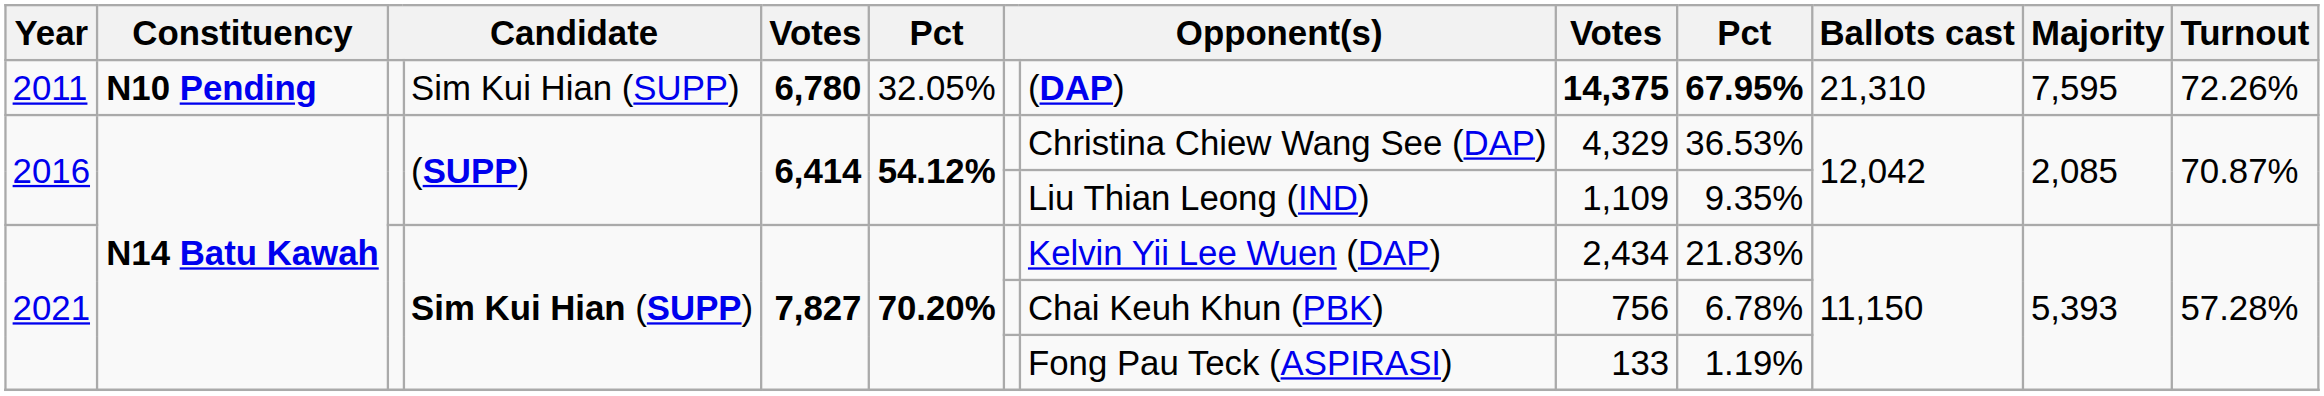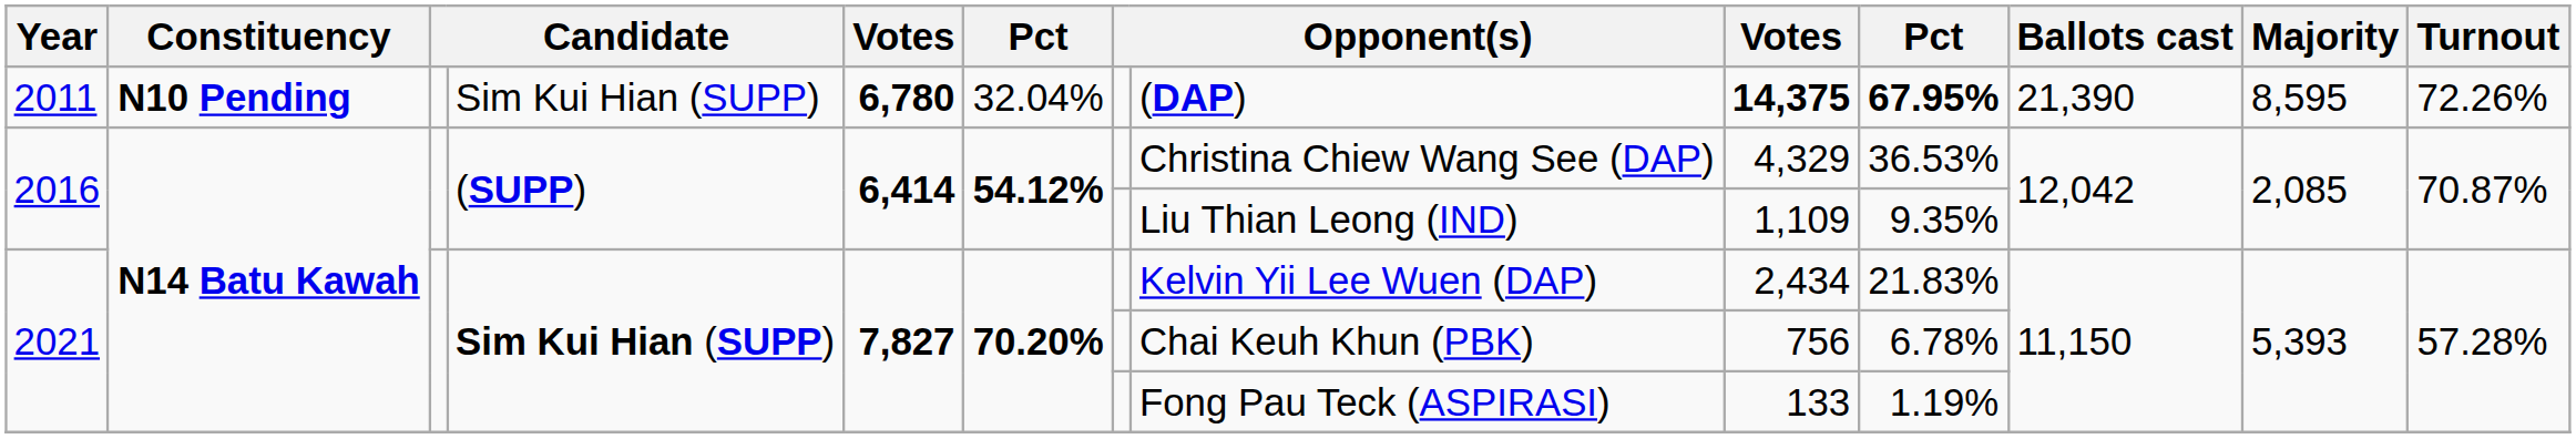 <table class="wikitable" style="margin:0.5em ; font-size:95%">
 <tr>
 <th>Year</th>
 <th>Constituency</th>
 <th colspan=2>Candidate</th>
 <th>Votes</th>
 <th>Pct</th>
 <th colspan=2>Opponent(s)</th>
 <th>Votes</th>
 <th>Pct</th>
 <th>Ballots cast</th>
 <th>Majority</th>
 <th>Turnout</th>
 </tr>
 <tr>
 <td><a href='#'>2011</a></td>
 <td><strong>N10 <a href='#'>Pending</a></strong></td>
 <td></td>
 <td>Sim Kui Hian (<a href='#'>SUPP</a>)</td>
 <td style="text-align:right;"><strong>6,780</strong></td>
-<td style="text-align:right;">32.05%</td>
+<td style="text-align:right;">32.04%</td>
 <td></td>
 <td> (<a href='#'><strong>DAP</strong></a>)</td>
 <td style="text-align:right;"><strong>14,375</strong></td>
 <td style="text-align:right;"><strong>67.95%</strong></td>
-<td>21,310</td>
-<td>7,595</td>
+<td>21,390</td>
+<td>8,595</td>
 <td>72.26%</td>
 </tr>
 <tr>
 <td rowspan=2><a href='#'>2016</a></td>
 <td rowspan=5><strong>N14 <a href='#'>Batu Kawah</a></strong></td>
 <td rowspan=2 ></td>
 <td rowspan=2> (<a href='#'><strong>SUPP</strong></a>)</td>
 <td rowspan="2" style="text-align:right;"><strong>6,414</strong></td>
 <td rowspan=2 style="text-align:right;"><strong>54.12%</strong></td>
 <td></td>
 <td>Christina Chiew Wang See (<a href='#'>DAP</a>)</td>
 <td style="text-align:right;">4,329</td>
 <td style="text-align:right;">36.53%</td>
 <td rowspan=2>12,042</td>
 <td rowspan=2>2,085</td>
 <td rowspan=2>70.87%</td>
 </tr>
 <tr>
 <td></td>
 <td>Liu Thian Leong (<a href='#'>IND</a>)</td>
 <td style="text-align:right;">1,109</td>
 <td style="text-align:right;">9.35%</td>
 </tr>
 <tr>
 <td rowspan="3"><a href='#'>2021</a></td>
 <td rowspan="3" style="background:"></td>
 <td rowspan="3"><strong>Sim Kui Hian</strong> (<a href='#'><strong>SUPP</strong></a>)</td>
 <td rowspan="3" style="text-align:right;"><strong>7,827</strong></td>
 <td rowspan="3" style="text-align:right;"><strong>70.20%</strong></td>
 <td></td>
 <td><a href='#'>Kelvin Yii Lee Wuen</a> (<a href='#'>DAP</a>)</td>
 <td style="text-align:right;">2,434</td>
 <td style="text-align:right;">21.83%</td>
 <td rowspan="3">11,150</td>
 <td rowspan="3">5,393</td>
 <td rowspan="3">57.28%</td>
 </tr>
 <tr>
 <td style="background:"></td>
 <td>Chai Keuh Khun (<a href='#'>PBK</a>)</td>
 <td style="text-align:right;">756</td>
 <td style="text-align:right;">6.78%</td>
 </tr>
 <tr>
 <td style="background:"></td>
 <td>Fong Pau Teck (<a href='#'>ASPIRASI</a>)</td>
 <td style="text-align:right;">133</td>
 <td style="text-align:right;">1.19%</td>
 </tr>
 <tr>
 </tr>
 </table>
